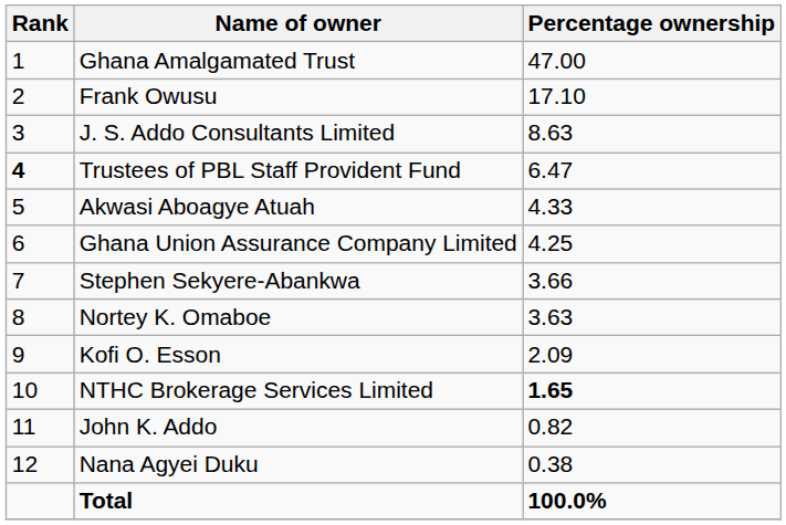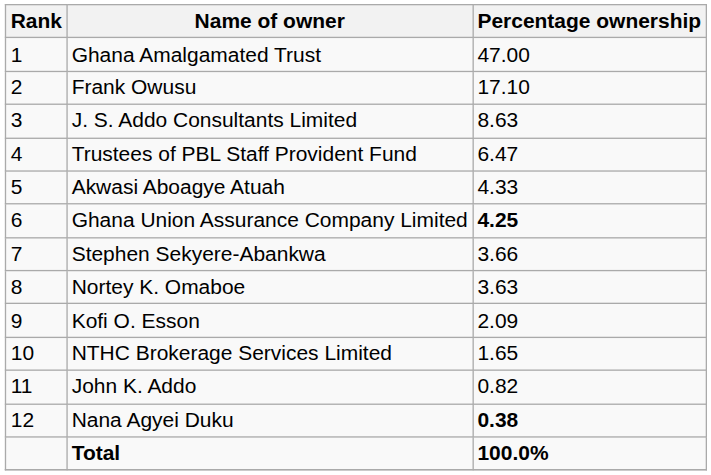 <table class="wikitable sortable" style="margin-left:auto;margin-right:auto">
 <tr>
 <th style="width:2em;">Rank</th>
 <th>Name of owner</th>
 <th>Percentage ownership</th>
 </tr>
 <tr>
 <td>1</td>
 <td>Ghana Amalgamated Trust</td>
 <td>47.00</td>
 </tr>
 <tr>
 <td>2</td>
 <td>Frank Owusu</td>
 <td>17.10</td>
 </tr>
 <tr>
 <td>3</td>
 <td>J. S. Addo Consultants Limited</td>
 <td>8.63</td>
 </tr>
 <tr>
-<td><strong>4</strong></td>
+<td>4</td>
 <td>Trustees of PBL Staff Provident Fund</td>
 <td>6.47</td>
 </tr>
 <tr>
 <td>5</td>
 <td>Akwasi Aboagye Atuah</td>
 <td>4.33</td>
 </tr>
 <tr>
 <td>6</td>
 <td>Ghana Union Assurance Company Limited</td>
-<td>4.25</td>
+<td><strong>4.25</strong></td>
 </tr>
 <tr>
 <td>7</td>
 <td>Stephen Sekyere-Abankwa</td>
 <td>3.66</td>
 </tr>
 <tr>
 <td>8</td>
 <td>Nortey K. Omaboe</td>
 <td>3.63</td>
 </tr>
 <tr>
 <td>9</td>
 <td>Kofi O. Esson</td>
 <td>2.09</td>
 </tr>
 <tr>
 <td>10</td>
 <td>NTHC Brokerage Services Limited</td>
-<td><strong>1.65</strong></td>
+<td>1.65</td>
 </tr>
 <tr>
 <td>11</td>
 <td>John K. Addo</td>
 <td>0.82</td>
 </tr>
 <tr>
 <td>12</td>
 <td>Nana Agyei Duku</td>
-<td>0.38</td>
+<td><strong>0.38</strong></td>
 </tr>
 <tr>
 <td></td>
 <td><strong>Total</strong></td>
 <td><strong>100.0%</strong></td>
 </tr>
 <tr>
 </tr>
 </table>
